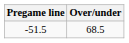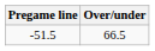 <table class="wikitable" style="margin-left: auto; margin-right: auto; border: none; display: inline-table;">
 <tr align="center">
 <th style=>Pregame line</th>
 <th style=>Over/under</th>
 </tr>
 <tr align="center">
 <td>-51.5</td>
-<td>68.5</td>
+<td>66.5</td>
 </tr>
 </table>
